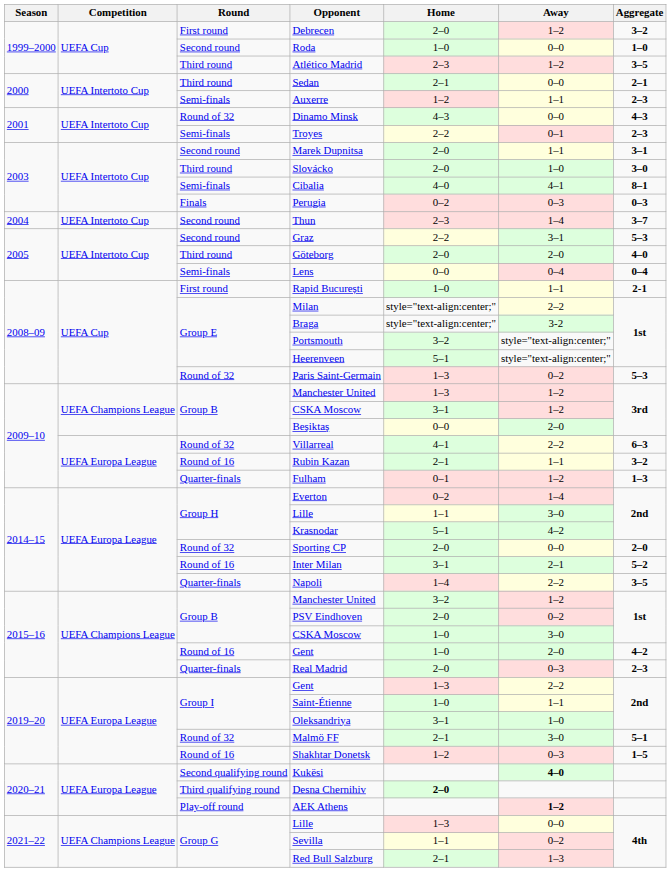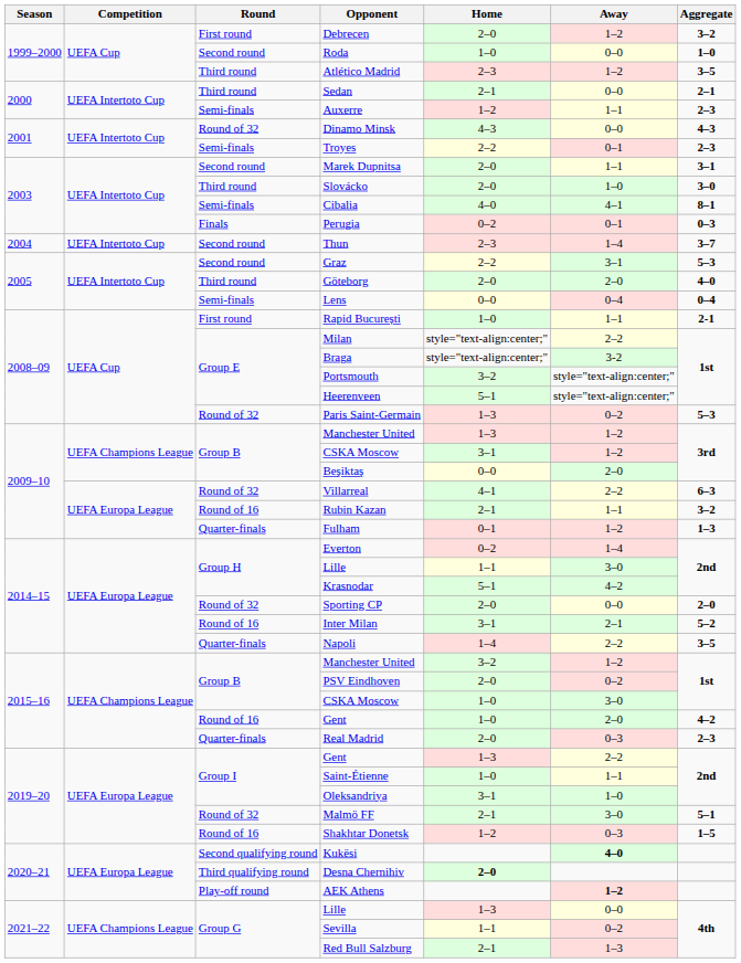 <table class="wikitable">
 <tr>
 <th>Season</th>
 <th>Competition</th>
 <th>Round</th>
 <th>Opponent</th>
 <th>Home</th>
 <th>Away</th>
 <th>Aggregate</th>
 </tr>
 <tr>
 <td rowspan="3"><a href='#'>1999–2000</a></td>
 <td rowspan="3"><a href='#'>UEFA Cup</a></td>
 <td><a href='#'>First round</a></td>
 <td> <a href='#'>Debrecen</a></td>
 <td style="text-align:center; background:#dfd;">2–0</td>
 <td style="text-align:center; background:#fdd;">1–2</td>
 <td style="text-align:center;"><strong>3–2</strong></td>
 </tr>
 <tr>
 <td><a href='#'>Second round</a></td>
 <td> <a href='#'>Roda</a></td>
 <td style="text-align:center; background:#dfd;">1–0</td>
 <td style="text-align:center; background:#ffd;">0–0</td>
 <td style="text-align:center;"><strong>1–0</strong></td>
 </tr>
 <tr>
 <td><a href='#'>Third round</a></td>
 <td> <a href='#'>Atlético Madrid</a></td>
 <td style="text-align:center; background:#fdd;">2–3</td>
 <td style="text-align:center; background:#fdd;">1–2</td>
 <td style="text-align:center;"><strong>3–5</strong></td>
 </tr>
 <tr>
 <td rowspan="2"><a href='#'>2000</a></td>
 <td rowspan="2"><a href='#'>UEFA Intertoto Cup</a></td>
 <td><a href='#'>Third round</a></td>
 <td> <a href='#'>Sedan</a></td>
 <td style="text-align:center; background:#dfd;">2–1</td>
 <td style="text-align:center; background:#ffd;">0–0</td>
 <td style="text-align:center;"><strong>2–1</strong></td>
 </tr>
 <tr>
 <td><a href='#'>Semi-finals</a></td>
 <td> <a href='#'>Auxerre</a></td>
 <td style="text-align:center; background:#fdd;">1–2 </td>
 <td style="text-align:center; background:#ffd;">1–1</td>
 <td style="text-align:center;"><strong>2–3</strong></td>
 </tr>
 <tr>
 <td rowspan="2"><a href='#'>2001</a></td>
 <td rowspan="2"><a href='#'>UEFA Intertoto Cup</a></td>
 <td><a href='#'>Round of 32</a></td>
 <td> <a href='#'>Dinamo Minsk</a></td>
 <td style="text-align:center; background:#dfd;">4–3</td>
 <td style="text-align:center; background:#ffd;">0–0</td>
 <td style="text-align:center;"><strong>4–3</strong></td>
 </tr>
 <tr>
 <td><a href='#'>Semi-finals</a></td>
 <td> <a href='#'>Troyes</a></td>
 <td style="text-align:center; background:#ffd;">2–2</td>
 <td style="text-align:center; background:#fdd;">0–1</td>
 <td style="text-align:center;"><strong>2–3</strong></td>
 </tr>
 <tr>
 <td rowspan="4"><a href='#'>2003</a></td>
 <td rowspan="4"><a href='#'>UEFA Intertoto Cup</a></td>
 <td><a href='#'>Second round</a></td>
 <td> <a href='#'>Marek Dupnitsa</a></td>
 <td style="text-align:center; background:#dfd;">2–0</td>
 <td style="text-align:center; background:#ffd;">1–1</td>
 <td style="text-align:center;"><strong>3–1</strong></td>
 </tr>
 <tr>
 <td><a href='#'>Third round</a></td>
 <td> <a href='#'>Slovácko</a></td>
 <td style="text-align:center; background:#dfd;">2–0</td>
 <td style="text-align:center; background:#dfd;">1–0</td>
 <td style="text-align:center;"><strong>3–0</strong></td>
 </tr>
 <tr>
 <td><a href='#'>Semi-finals</a></td>
 <td> <a href='#'>Cibalia</a></td>
 <td style="text-align:center; background:#dfd;">4–0</td>
 <td style="text-align:center; background:#dfd;">4–1</td>
 <td style="text-align:center;"><strong>8–1</strong></td>
 </tr>
 <tr>
 <td><a href='#'>Finals</a></td>
 <td> <a href='#'>Perugia</a></td>
 <td style="text-align:center; background:#fdd;">0–2</td>
-<td style="text-align:center; background:#fdd;">0–3</td>
+<td style="text-align:center; background:#fdd;">0–1</td>
 <td style="text-align:center;"><strong>0–3</strong></td>
 </tr>
 <tr>
 <td><a href='#'>2004</a></td>
 <td><a href='#'>UEFA Intertoto Cup</a></td>
 <td><a href='#'>Second round</a></td>
 <td> <a href='#'>Thun</a></td>
 <td style="text-align:center; background:#fdd;">2–3</td>
 <td style="text-align:center; background:#fdd;">1–4</td>
 <td style="text-align:center;"><strong>3–7</strong></td>
 </tr>
 <tr>
 <td rowspan="3"><a href='#'>2005</a></td>
 <td rowspan="3"><a href='#'>UEFA Intertoto Cup</a></td>
 <td><a href='#'>Second round</a></td>
 <td> <a href='#'>Graz</a></td>
 <td style="text-align:center; background:#ffd;">2–2</td>
 <td style="text-align:center; background:#dfd;">3–1</td>
 <td style="text-align:center;"><strong>5–3</strong></td>
 </tr>
 <tr>
 <td><a href='#'>Third round</a></td>
 <td> <a href='#'>Göteborg</a></td>
 <td style="text-align:center; background:#dfd;">2–0</td>
 <td style="text-align:center; background:#dfd;">2–0</td>
 <td style="text-align:center;"><strong>4–0</strong></td>
 </tr>
 <tr>
 <td><a href='#'>Semi-finals</a></td>
 <td> <a href='#'>Lens</a></td>
 <td style="text-align:center; background:#ffd;">0–0</td>
 <td style="text-align:center; background:#fdd;">0–4</td>
 <td style="text-align:center;"><strong>0–4</strong></td>
 </tr>
 <tr>
 <td rowspan="6"><a href='#'>2008–09</a></td>
 <td rowspan="6"><a href='#'>UEFA Cup</a></td>
 <td><a href='#'>First round</a></td>
 <td> <a href='#'>Rapid București</a></td>
 <td style="text-align:center; background:#dfd;">1–0</td>
 <td style="text-align:center; background:#ffd;">1–1</td>
 <td style="text-align:center;"><strong>2-1</strong></td>
 </tr>
 <tr>
 <td rowspan="4"><a href='#'>Group E</a></td>
 <td> <a href='#'>Milan</a></td>
 <td>style="text-align:center;" </td>
 <td style="text-align:center; background:#ffd;">2–2</td>
 <td rowspan="4" style="text-align:center;"><strong>1st</strong></td>
 </tr>
 <tr>
 <td> <a href='#'>Braga</a></td>
 <td>style="text-align:center;" </td>
 <td style="text-align:center; background:#dfd;">3-2</td>
 </tr>
 <tr>
 <td> <a href='#'>Portsmouth</a></td>
 <td style="text-align:center; background:#dfd;">3–2</td>
 <td>style="text-align:center;" </td>
 </tr>
 <tr>
 <td> <a href='#'>Heerenveen</a></td>
 <td style="text-align:center; background:#dfd;">5–1</td>
 <td>style="text-align:center;" </td>
 </tr>
 <tr>
 <td style="background-color:"><a href='#'>Round of 32</a></td>
 <td> <a href='#'>Paris Saint-Germain</a></td>
 <td style="text-align:center; background:#fdd;">1–3</td>
 <td style="text-align:center; background:#fdd;">0–2</td>
 <td style="text-align:center;"><strong>5–3</strong></td>
 </tr>
 <tr>
 <td rowspan="6"><a href='#'>2009–10</a></td>
 <td rowspan="3"><a href='#'>UEFA Champions League</a></td>
 <td rowspan="3"><a href='#'>Group B</a></td>
 <td> <a href='#'>Manchester United</a></td>
 <td style="text-align:center; background:#fdd;">1–3</td>
 <td style="text-align:center; background:#fdd;">1–2</td>
 <td rowspan="3" align="center"><strong>3rd</strong></td>
 </tr>
 <tr>
 <td> <a href='#'>CSKA Moscow</a></td>
 <td style="text-align:center; background:#dfd;">3–1</td>
 <td style="text-align:center; background:#fdd;">1–2</td>
 </tr>
 <tr>
 <td> <a href='#'>Beşiktaş</a></td>
 <td style="text-align:center; background:#ffd;">0–0</td>
 <td style="text-align:center; background:#dfd;">2–0</td>
 </tr>
 <tr>
 <td rowspan="3"><a href='#'>UEFA Europa League</a></td>
 <td><a href='#'>Round of 32</a></td>
 <td> <a href='#'>Villarreal</a></td>
 <td style="text-align:center; background:#dfd;">4–1</td>
 <td style="text-align:center; background:#ffd;">2–2</td>
 <td style="text-align:center;"><strong>6–3</strong></td>
 </tr>
 <tr>
 <td><a href='#'>Round of 16</a></td>
 <td> <a href='#'>Rubin Kazan</a></td>
 <td style="text-align:center; background:#dfd;">2–1 </td>
 <td style="text-align:center; background:#ffd;">1–1</td>
 <td style="text-align:center;"><strong>3–2</strong></td>
 </tr>
 <tr>
 <td><a href='#'>Quarter-finals</a></td>
 <td> <a href='#'>Fulham</a></td>
 <td style="text-align:center; background:#fdd;">0–1</td>
 <td style="text-align:center; background:#fdd;">1–2</td>
 <td style="text-align:center;"><strong>1–3</strong></td>
 </tr>
 <tr>
 <td rowspan="6"><a href='#'>2014–15</a></td>
 <td rowspan="6"><a href='#'>UEFA Europa League</a></td>
 <td rowspan="3"><a href='#'>Group H</a></td>
 <td> <a href='#'>Everton</a></td>
 <td style="text-align:center; background:#fdd;">0–2</td>
 <td style="text-align:center; background:#fdd;">1–4</td>
 <td rowspan="3" align="center"><strong>2nd</strong></td>
 </tr>
 <tr>
 <td> <a href='#'>Lille</a></td>
 <td style="text-align:center; background:#ffd;">1–1</td>
 <td style="text-align:center; background:#dfd;">3–0</td>
 </tr>
 <tr>
 <td> <a href='#'>Krasnodar</a></td>
 <td style="text-align:center; background:#dfd;">5–1</td>
 <td style="text-align:center; background:#dfd;">4–2</td>
 </tr>
 <tr>
 <td><a href='#'>Round of 32</a></td>
 <td> <a href='#'>Sporting CP</a></td>
 <td style="text-align:center; background:#dfd;">2–0</td>
 <td style="text-align:center; background:#ffd;">0–0</td>
 <td style="text-align:center;"><strong>2–0</strong></td>
 </tr>
 <tr>
 <td><a href='#'>Round of 16</a></td>
 <td> <a href='#'>Inter Milan</a></td>
 <td style="text-align:center; background:#dfd;">3–1</td>
 <td style="text-align:center; background:#dfd;">2–1</td>
 <td style="text-align:center;"><strong>5–2</strong></td>
 </tr>
 <tr>
 <td><a href='#'>Quarter-finals</a></td>
 <td> <a href='#'>Napoli</a></td>
 <td style="text-align:center; background:#fdd;">1–4</td>
 <td style="text-align:center; background:#ffd;">2–2</td>
 <td style="text-align:center;"><strong>3–5</strong></td>
 </tr>
 <tr>
 <td rowspan="5"><a href='#'>2015–16</a></td>
 <td rowspan="5"><a href='#'>UEFA Champions League</a></td>
 <td rowspan="3"><a href='#'>Group B</a></td>
 <td> <a href='#'>Manchester United</a></td>
 <td style="text-align:center; background:#dfd;">3–2</td>
 <td style="text-align:center; background:#fdd;">1–2</td>
 <td rowspan="3" align="center"><strong>1st</strong></td>
 </tr>
 <tr>
 <td> <a href='#'>PSV Eindhoven</a></td>
 <td style="text-align:center; background:#dfd;">2–0</td>
 <td style="text-align:center; background:#fdd;">0–2</td>
 </tr>
 <tr>
 <td> <a href='#'>CSKA Moscow</a></td>
 <td style="text-align:center; background:#dfd;">1–0</td>
 <td style="text-align:center; background:#dfd;">3–0</td>
 </tr>
 <tr>
 <td><a href='#'>Round of 16</a></td>
 <td> <a href='#'>Gent</a></td>
 <td style="text-align:center; background:#dfd;">1–0</td>
 <td style="text-align:center; background:#dfd;">2–0</td>
 <td style="text-align:center;"><strong>4–2</strong></td>
 </tr>
 <tr>
 <td><a href='#'>Quarter-finals</a></td>
 <td> <a href='#'>Real Madrid</a></td>
 <td style="text-align:center; background:#dfd;">2–0</td>
 <td style="text-align:center; background:#fdd;">0–3</td>
 <td style="text-align:center;"><strong>2–3</strong></td>
 </tr>
 <tr>
 <td rowspan="5"><a href='#'>2019–20</a></td>
 <td rowspan="5"><a href='#'>UEFA Europa League</a></td>
 <td rowspan="3"><a href='#'>Group I</a></td>
 <td> <a href='#'>Gent</a></td>
 <td style="text-align:center; background:#fdd;">1–3</td>
 <td style="text-align:center; background:#ffd;">2–2</td>
 <td rowspan="3" align="center"><strong>2nd</strong></td>
 </tr>
 <tr>
 <td> <a href='#'>Saint-Étienne</a></td>
 <td style="text-align:center; background:#dfd;">1–0</td>
 <td style="text-align:center; background:#ffd;">1–1</td>
 </tr>
 <tr>
 <td> <a href='#'>Oleksandriya</a></td>
 <td style="text-align:center; background:#dfd;">3–1</td>
 <td style="text-align:center; background:#dfd;">1–0</td>
 </tr>
 <tr>
 <td><a href='#'>Round of 32</a></td>
 <td> <a href='#'>Malmö FF</a></td>
 <td style="text-align:center; background:#dfd;">2–1</td>
 <td style="text-align:center; background:#dfd;">3–0</td>
 <td style="text-align:center;"><strong>5–1</strong></td>
 </tr>
 <tr>
 <td><a href='#'>Round of 16</a></td>
 <td> <a href='#'>Shakhtar Donetsk</a></td>
 <td style="text-align:center; background:#fdd;">1–2</td>
 <td style="text-align:center; background:#fdd;">0–3</td>
 <td style="text-align:center;"><strong>1–5</strong></td>
 </tr>
 <tr>
 <td rowspan="3"><a href='#'>2020–21</a></td>
 <td rowspan="3"><a href='#'>UEFA Europa League</a></td>
 <td><a href='#'>Second qualifying round</a></td>
 <td> <a href='#'>Kukësi</a></td>
 <td></td>
 <td style="text-align:center; background:#dfd;"><strong>4–0</strong></td>
 <td></td>
 </tr>
 <tr>
 <td><a href='#'>Third qualifying round</a></td>
 <td> <a href='#'>Desna Chernihiv</a></td>
 <td style="text-align:center; background:#dfd;"><strong>2–0</strong></td>
 <td></td>
 <td></td>
 </tr>
 <tr>
 <td><a href='#'>Play-off round</a></td>
 <td> <a href='#'>AEK Athens</a></td>
 <td></td>
 <td style="text-align:center; background:#fdd;"><strong>1–2</strong></td>
 <td></td>
 </tr>
 <tr>
 <td rowspan="3"><a href='#'>2021–22</a></td>
 <td rowspan="3"><a href='#'>UEFA Champions League</a></td>
 <td rowspan="3"><a href='#'>Group G</a></td>
 <td> <a href='#'>Lille</a></td>
 <td style="text-align:center; background:#fdd;">1–3</td>
 <td style="text-align:center; background:#ffd;">0–0</td>
 <td rowspan="3" align="center"><strong>4th</strong></td>
 </tr>
 <tr>
 <td> <a href='#'>Sevilla</a></td>
 <td style="text-align:center; background:#ffd;">1–1</td>
 <td style="text-align:center; background:#fdd;">0–2</td>
 </tr>
 <tr>
 <td> <a href='#'>Red Bull Salzburg</a></td>
 <td style="text-align:center; background:#dfd;">2–1</td>
 <td style="text-align:center; background:#fdd;">1–3</td>
 </tr>
 </table>
